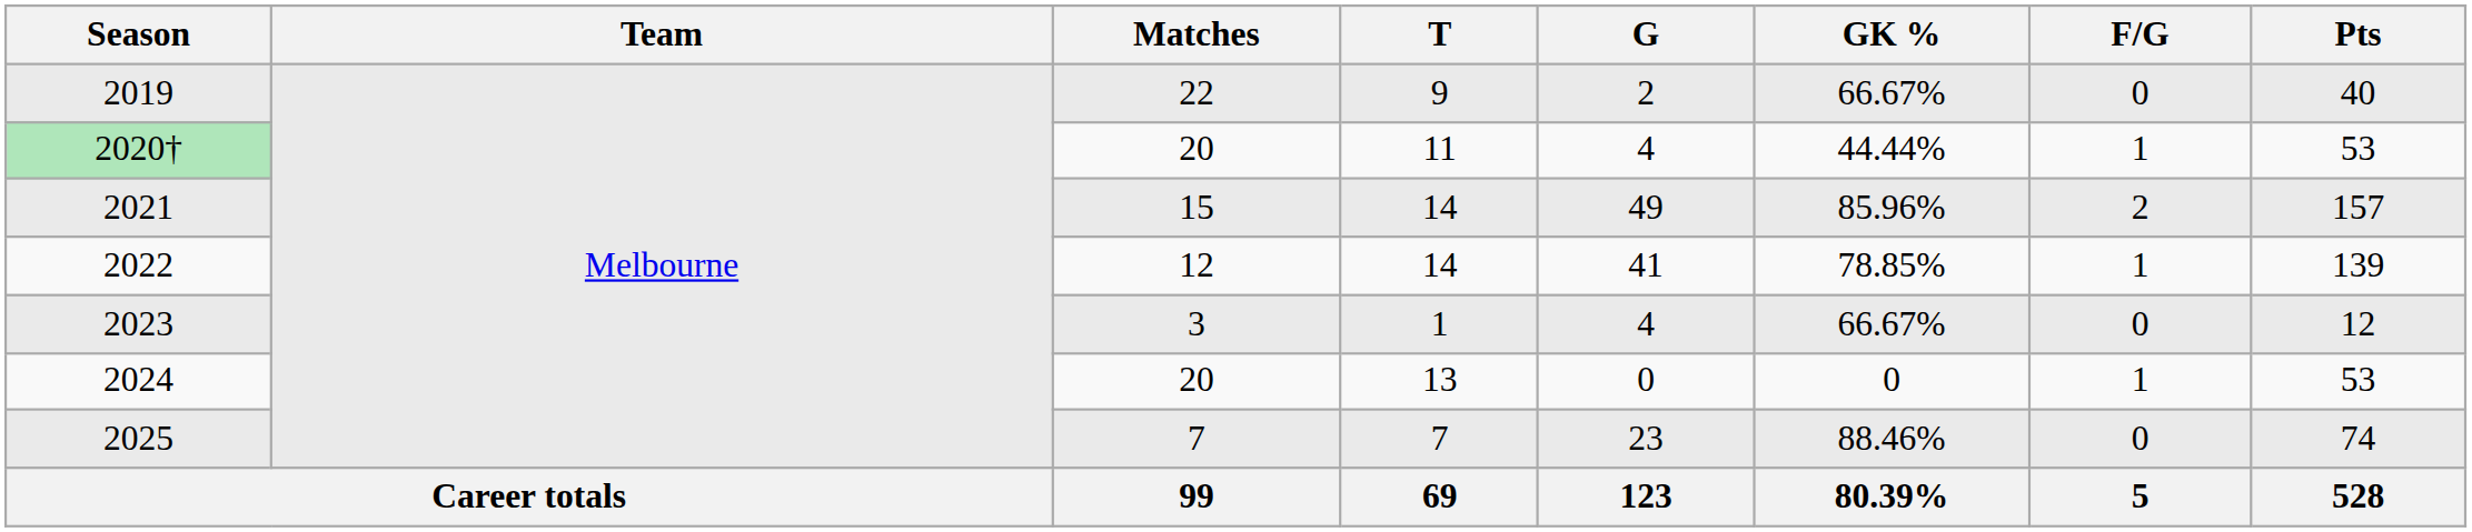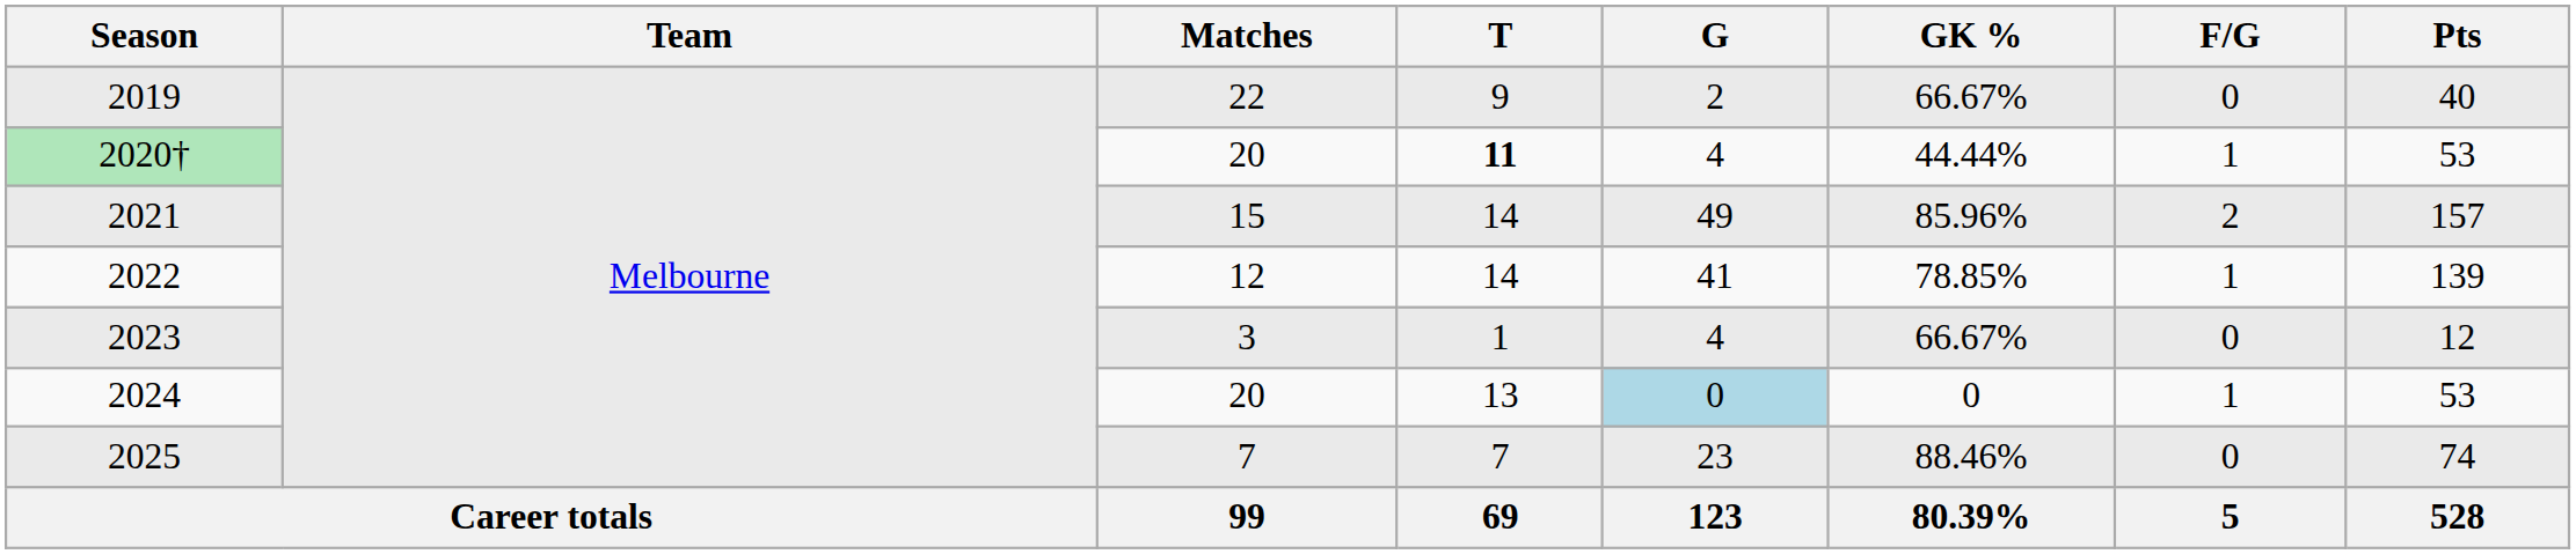 <table class="wikitable sortable" style="font-size:90%; text-align:center; width:80%;">
 <tr>
 <th width="2%">Season</th>
 <th width="8%">Team</th>
 <th width="2%">Matches</th>
 <th width="2%">T</th>
 <th width="2%">G</th>
 <th width=2%>GK %</th>
 <th width="2%">F/G</th>
 <th width="2%">Pts</th>
 </tr>
 <tr style="background:#eaeaea;">
 <td scope="row" style="text-align:center; font-weight:normal">2019</td>
 <td rowspan="7" style="text-align:center;"> <a href='#'>Melbourne</a></td>
 <td>22</td>
 <td>9</td>
 <td>2</td>
 <td>66.67%</td>
 <td>0</td>
 <td>40</td>
 </tr>
 <tr>
 <td scope="row" style="text-align:center; font-weight:normal; background:#afe6ba;">2020†</td>
 <td>20</td>
-<td>11</td>
+<td><strong>11</strong></td>
 <td>4</td>
 <td>44.44%</td>
 <td>1</td>
 <td>53</td>
 </tr>
 <tr style="background:#eaeaea;">
 <td scope="row" style="text-align:center; font-weight:normal">2021</td>
 <td>15</td>
 <td>14</td>
 <td>49</td>
 <td>85.96%</td>
 <td>2</td>
 <td>157</td>
 </tr>
 <tr>
 <td scope="row" style="text-align:center; font-weight:normal">2022</td>
 <td>12</td>
 <td>14</td>
 <td>41</td>
 <td>78.85%</td>
 <td>1</td>
 <td>139</td>
 </tr>
 <tr style="background:#eaeaea;">
 <td scope="row" style="text-align:center; font-weight:normal">2023</td>
 <td>3</td>
 <td>1</td>
 <td>4</td>
 <td>66.67%</td>
 <td>0</td>
 <td>12</td>
 </tr>
 <tr>
 <td>2024</td>
 <td>20</td>
 <td>13</td>
-<td>0</td>
+<td style="background: lightblue;">0</td>
 <td>0</td>
 <td>1</td>
 <td>53</td>
 </tr>
 <tr style="background:#eaeaea;">
 <td>2025</td>
 <td>7</td>
 <td>7</td>
 <td>23</td>
 <td>88.46%</td>
 <td>0</td>
 <td>74</td>
 </tr>
 <tr class="sortbottom">
 <th colspan="2">Career totals</th>
 <th>99</th>
 <th>69</th>
 <th>123</th>
 <th>80.39%</th>
 <th>5</th>
 <th>528</th>
 </tr>
 </table>
